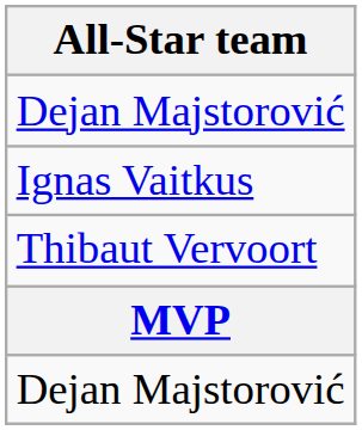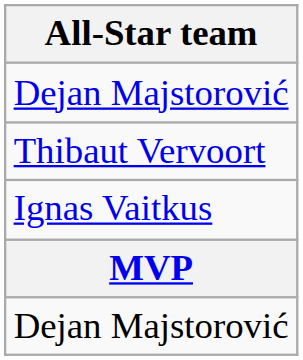 <table class="wikitable plainrowheaders">
 <tr>
 <th scope="col" colspan=2>All-Star team</th>
 </tr>
 <tr>
 <td> <a href='#'>Dejan Majstorović</a></td>
 </tr>
 <tr>
-<td> <a href='#'>Ignas Vaitkus</a></td>
+<td> <a href='#'>Thibaut Vervoort</a></td>
 </tr>
 <tr>
-<td> <a href='#'>Thibaut Vervoort</a></td>
+<td> <a href='#'>Ignas Vaitkus</a></td>
 </tr>
 <tr>
 <th scope="col" colspan=2><a href='#'>MVP</a></th>
 </tr>
 <tr>
 <td> Dejan Majstorović</td>
 </tr>
 </table>
